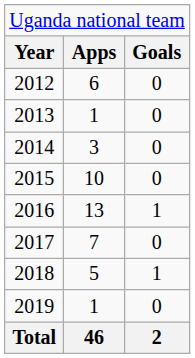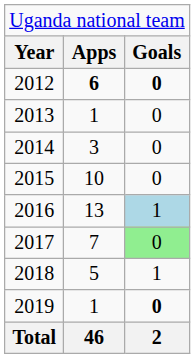 <table class="wikitable" style="text-align:center">
 <tr>
 <td colspan="3"><a href='#'>Uganda national team</a></td>
 </tr>
 <tr>
 <th>Year</th>
 <th>Apps</th>
 <th>Goals</th>
 </tr>
 <tr>
 <td>2012</td>
-<td>6</td>
-<td>0</td>
+<td><strong>6</strong></td>
+<td><strong>0</strong></td>
 </tr>
 <tr>
 <td>2013</td>
 <td>1</td>
 <td>0</td>
 </tr>
 <tr>
 <td>2014</td>
 <td>3</td>
 <td>0</td>
 </tr>
 <tr>
 <td>2015</td>
 <td>10</td>
 <td>0</td>
 </tr>
 <tr>
 <td>2016</td>
 <td>13</td>
-<td>1</td>
+<td style="background: lightblue;">1</td>
 </tr>
 <tr>
 <td>2017</td>
 <td>7</td>
-<td>0</td>
+<td style="background: lightgreen;">0</td>
 </tr>
 <tr>
 <td>2018</td>
 <td>5</td>
 <td>1</td>
 </tr>
 <tr>
 <td>2019</td>
 <td>1</td>
-<td>0</td>
+<td><strong>0</strong></td>
 </tr>
 <tr>
 <th>Total</th>
 <th>46</th>
 <th>2</th>
 </tr>
 </table>
